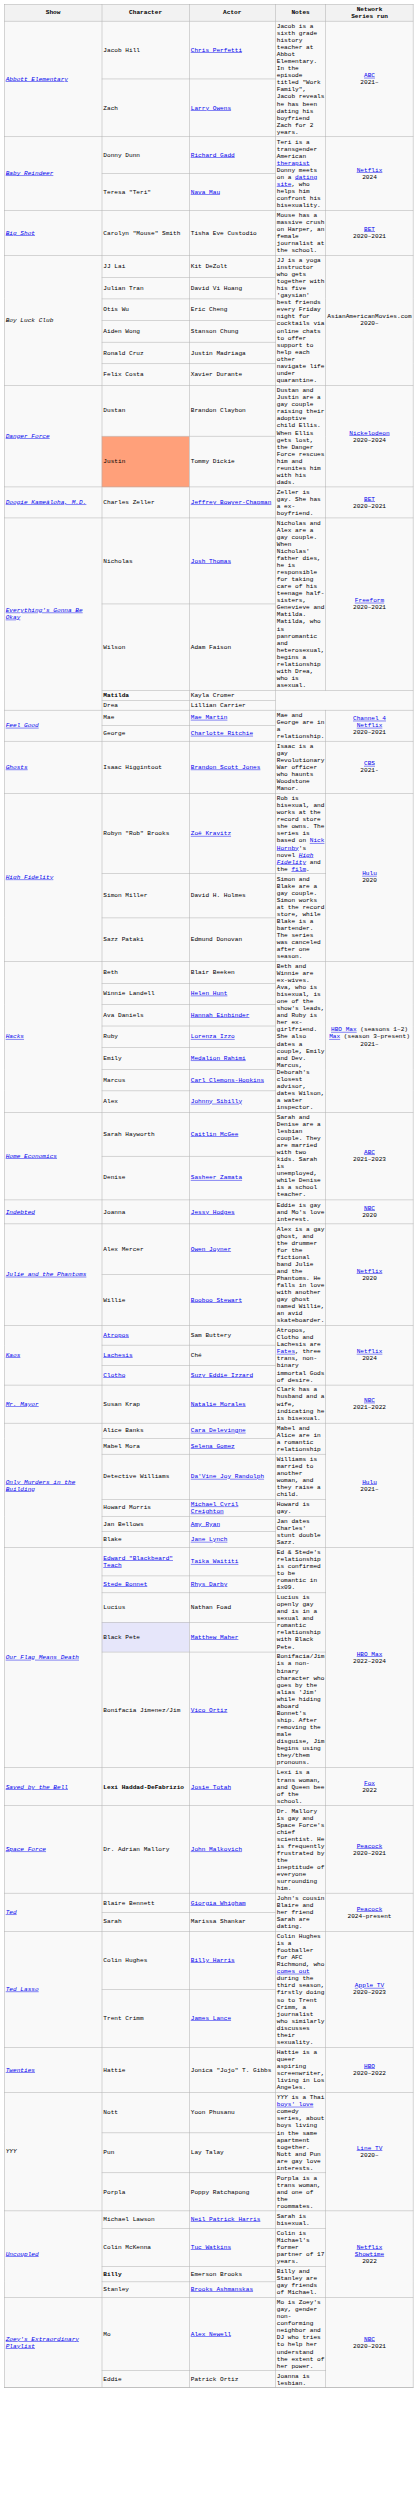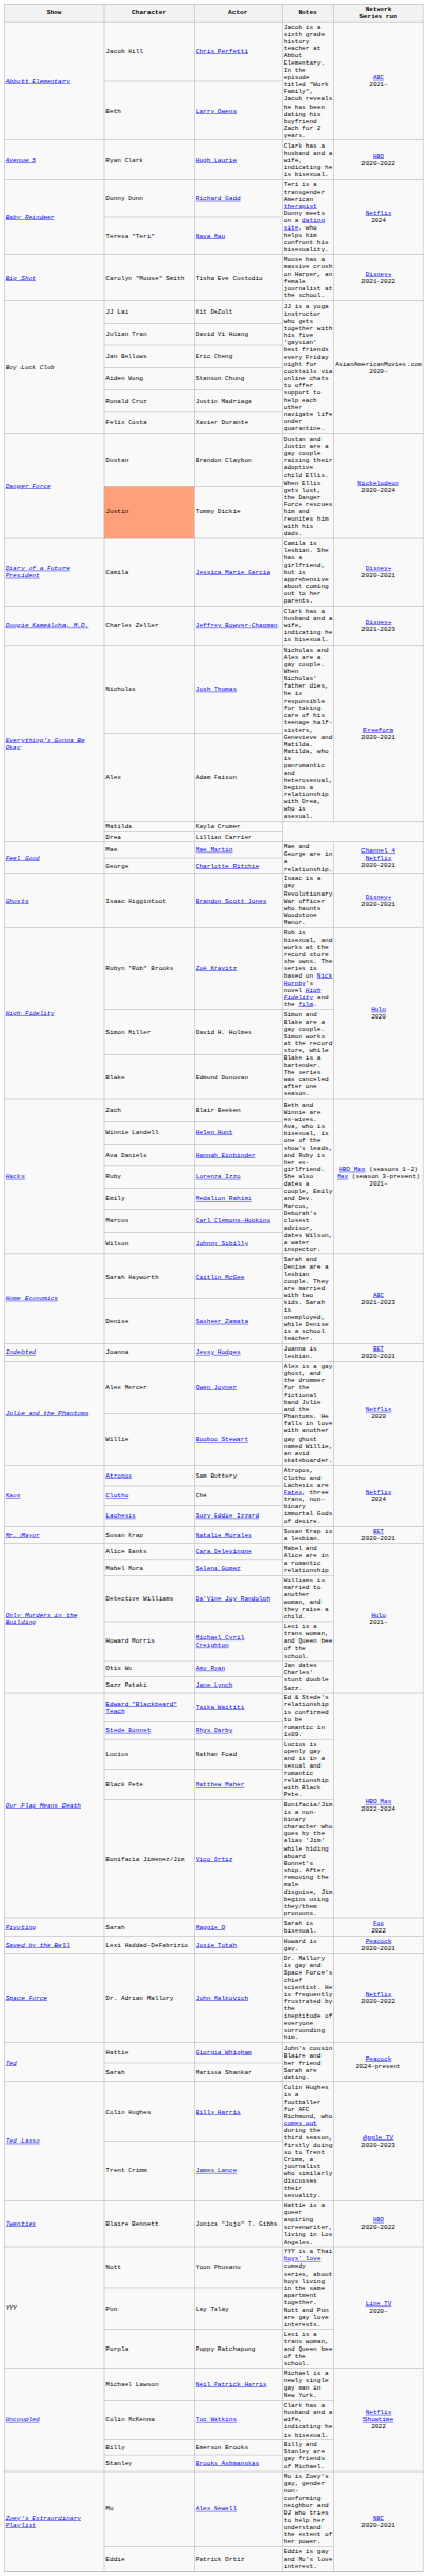 <table class="wikitable sortable mw-collapsible" style="margins:auto; width=100%;">
 <tr>
 <th style="width:225px;">Show</th>
 <th style="width:200px">Character</th>
 <th style="width:200px">Actor</th>
 <th class="unsortable">Notes</th>
 <th style="width:75px;" class="unsortable">Network <br>Series run</th>
 </tr>
 <tr>
 <td rowspan="2"><em><a href='#'>Abbott Elementary</a></em></td>
 <td>Jacob Hill</td>
 <td><a href='#'>Chris Perfetti</a></td>
 <td rowspan="2">Jacob is a sixth grade history teacher at Abbot Elementary. In the episode titled "Work Family", Jacob reveals he has been dating his boyfriend Zach for 2 years.</td>
 <td rowspan="2" style="text-align: center;"><a href='#'>ABC</a> <br> 2021–</td>
 </tr>
 <tr>
-<td>Zach</td>
+<td>Beth</td>
 <td><a href='#'>Larry Owens</a></td>
+</tr>
+<tr>
+<td><em><a href='#'>Avenue 5</a></em></td>
+<td>Ryan Clark</td>
+<td><a href='#'>Hugh Laurie</a></td>
+<td>Clark has a husband and a wife, indicating he is bisexual.</td>
+<td style="text-align: center;"><a href='#'>HBO</a> <br>2020–2022</td>
 </tr>
 <tr>
 <td rowspan="2"><em><a href='#'>Baby Reindeer</a></em></td>
 <td>Donny Dunn</td>
 <td><a href='#'>Richard Gadd</a></td>
 <td rowspan="2">Teri is a transgender American <a href='#'>therapist</a> Donny meets on a <a href='#'>dating site</a>, who helps him confront his bisexuality.</td>
 <td rowspan="2" style="text-align: center;"><a href='#'>Netflix</a> <br>2024</td>
 </tr>
 <tr>
 <td>Teresa "Teri"</td>
 <td><a href='#'>Nava Mau</a></td>
 </tr>
 <tr>
 <td><em><a href='#'>Big Shot</a></em></td>
 <td>Carolyn "Mouse" Smith</td>
 <td>Tisha Eve Custodio</td>
 <td>Mouse has a massive crush on Harper, an female journalist at the school.</td>
-<td style="text-align: center;"><a href='#'>BET</a> <br> 2020–2021</td>
+<td style="text-align: center;"><a href='#'>Disney+</a> <br>2021–2022</td>
 </tr>
 <tr>
 <td rowspan="6"><em>Boy Luck Club</em></td>
 <td>JJ Lai</td>
 <td>Kit DeZolt</td>
 <td rowspan="6">JJ is a yoga instructor who gets together with his five 'gaysian' best friends every Friday night for cocktails via online chats to offer support to help each other navigate life under quarantine.</td>
 <td rowspan="6" style="text-align: center;">AsianAmericanMovies.com <br>2020–</td>
 </tr>
 <tr>
 <td>Julian Tran</td>
 <td>David Vi Hoang</td>
 </tr>
 <tr>
-<td>Otis Wu</td>
+<td>Jan Bellows</td>
 <td>Eric Cheng</td>
 </tr>
 <tr>
 <td>Aiden Wong</td>
 <td>Stanson Chung</td>
 </tr>
 <tr>
 <td>Ronald Cruz</td>
 <td>Justin Madriaga</td>
 </tr>
 <tr>
 <td>Felix Costa</td>
 <td>Xavier Durante</td>
 </tr>
 <tr>
 <td rowspan="2"><em><a href='#'>Danger Force</a></em></td>
 <td>Dustan</td>
 <td>Brandon Claybon</td>
 <td rowspan="2">Dustan and Justin are a gay couple raising their adoptive child Ellis. When Ellis gets lost, the Danger Force rescues him and reunites him with his dads.</td>
 <td rowspan="2" style="text-align: center;"><a href='#'>Nickelodeon</a> <br>2020–2024</td>
 </tr>
 <tr>
 <td style="background: lightsalmon;">Justin</td>
 <td>Tommy Dickie</td>
 </tr>
 <tr>
+<td><em><a href='#'>Diary of a Future President</a></em></td>
+<td>Camila</td>
+<td><a href='#'>Jessica Marie Garcia</a></td>
+<td>Camila is lesbian. She has a girlfriend, but is apprehensive about coming out to her parents.</td>
+<td style="text-align: center;"><a href='#'>Disney+</a><br> 2020–2021</td>
+</tr>
+<tr>
 <td><em><a href='#'>Doogie Kameāloha, M.D.</a></em></td>
 <td>Charles Zeller</td>
 <td><a href='#'>Jeffrey Bowyer-Chapman</a></td>
-<td>Zeller is gay. She has a ex-boyfriend.</td>
-<td style="text-align: center;"><a href='#'>BET</a> <br> 2020–2021</td>
+<td>Clark has a husband and a wife, indicating he is bisexual.</td>
+<td style="text-align: center;"><a href='#'>Disney+</a><br> 2021–2023</td>
 </tr>
 <tr>
 <td rowspan="4"><em><a href='#'>Everything's Gonna Be Okay</a></em></td>
 <td>Nicholas</td>
 <td><a href='#'>Josh Thomas</a></td>
 <td rowspan="2">Nicholas and Alex are a gay couple. When Nicholas' father dies, he is responsible for taking care of his teenage half-sisters, Genevieve and Matilda. Matilda, who is panromantic and heterosexual, begins a relationship with Drea, who is asexual.</td>
 <td rowspan="2" style="text-align: center;"><a href='#'>Freeform</a> <br> 2020–2021</td>
 </tr>
 <tr>
-<td>Wilson</td>
+<td>Alex</td>
 <td>Adam Faison</td>
 </tr>
 <tr>
-<td><strong>Matilda</strong></td>
+<td>Matilda</td>
 <td>Kayla Cromer</td>
 </tr>
 <tr>
 <td>Drea</td>
 <td>Lillian Carrier</td>
 </tr>
 <tr>
 <td rowspan="2"><em><a href='#'>Feel Good</a></em></td>
 <td>Mae</td>
 <td><a href='#'>Mae Martin</a></td>
 <td rowspan="2">Mae and George are in a relationship.</td>
 <td rowspan="2" style="text-align: center;"><a href='#'>Channel 4</a> <br> <a href='#'>Netflix</a> <br>2020–2021</td>
 </tr>
 <tr>
 <td>George</td>
 <td><a href='#'>Charlotte Ritchie</a></td>
 </tr>
 <tr>
 <td><em><a href='#'>Ghosts</a></em></td>
 <td>Isaac Higgintoot</td>
 <td><a href='#'>Brandon Scott Jones</a></td>
 <td>Isaac is a gay Revolutionary War officer who haunts Woodstone Manor.</td>
-<td style="text-align: center;"><a href='#'>CBS</a> <br> 2021-</td>
+<td style="text-align: center;"><a href='#'>Disney+</a><br> 2020–2021</td>
 </tr>
 <tr>
 <td rowspan="3"><em><a href='#'>High Fidelity</a></em></td>
 <td>Robyn "Rob" Brooks</td>
 <td><a href='#'>Zoë Kravitz</a></td>
 <td>Rob is bisexual, and works at the record store she owns. The series is based on <a href='#'>Nick Hornby</a>'s novel <em><a href='#'>High Fidelity</a></em> and the <a href='#'>film</a>.</td>
 <td rowspan="3" style="text-align: center;"><a href='#'>Hulu</a> <br>2020</td>
 </tr>
 <tr>
 <td>Simon Miller</td>
 <td>David H. Holmes</td>
 <td rowspan="2">Simon and Blake are a gay couple. Simon works at the record store, while Blake is a bartender. The series was canceled after one season.</td>
 </tr>
 <tr>
-<td>Sazz Pataki</td>
+<td>Blake</td>
 <td>Edmund Donovan</td>
 </tr>
 <tr>
 <td rowspan="7"><em><a href='#'>Hacks</a></em></td>
-<td>Beth</td>
+<td>Zach</td>
 <td>Blair Beeken</td>
 <td rowspan="7">Beth and Winnie are ex-wives. Ava, who is bisexual, is one of the show's leads, and Ruby is her ex-girlfriend. She also dates a couple, Emily and Dev. Marcus, Deborah's closest advisor, dates Wilson, a water inspector.</td>
 <td rowspan="7" style="text-align: center;"><a href='#'>HBO Max</a> (seasons 1–2)<br><a href='#'>Max</a> (season 3–present) <br> 2021–</td>
 </tr>
 <tr>
 <td>Winnie Landell</td>
 <td><a href='#'>Helen Hunt</a></td>
 </tr>
 <tr>
 <td>Ava Daniels</td>
 <td><a href='#'>Hannah Einbinder</a></td>
 </tr>
 <tr>
 <td>Ruby</td>
 <td><a href='#'>Lorenza Izzo</a></td>
 </tr>
 <tr>
 <td>Emily</td>
 <td><a href='#'>Medalion Rahimi</a></td>
 </tr>
 <tr>
 <td>Marcus</td>
 <td><a href='#'>Carl Clemons-Hopkins</a></td>
 </tr>
 <tr>
-<td>Alex</td>
+<td>Wilson</td>
 <td><a href='#'>Johnny Sibilly</a></td>
 </tr>
 <tr>
 <td rowspan="2"><em><a href='#'>Home Economics</a></em></td>
 <td>Sarah Hayworth</td>
 <td><a href='#'>Caitlin McGee</a></td>
 <td rowspan="2">Sarah and Denise are a lesbian couple. They are married with two kids. Sarah is unemployed, while Denise is a school teacher.</td>
 <td rowspan="2" style="text-align: center;"><a href='#'>ABC</a> <br> 2021–2023</td>
 </tr>
 <tr>
 <td>Denise</td>
 <td><a href='#'>Sasheer Zamata</a></td>
 </tr>
 <tr>
 <td><em><a href='#'>Indebted</a></em></td>
 <td>Joanna</td>
 <td><a href='#'>Jessy Hodges</a></td>
-<td>Eddie is gay and Mo's love interest.</td>
-<td style="text-align: center;"><a href='#'>NBC</a> <br> 2020</td>
+<td>Joanna is lesbian.</td>
+<td style="text-align: center;"><a href='#'>BET</a> <br> 2020–2021</td>
 </tr>
 <tr>
 <td rowspan="2"><em><a href='#'>Julie and the Phantoms</a></em></td>
 <td>Alex Mercer</td>
 <td><a href='#'>Owen Joyner</a></td>
 <td rowspan="2">Alex is a gay ghost, and the drummer for the fictional band Julie and the Phantoms. He falls in love with another gay ghost named Willie, an avid skateboarder.</td>
 <td rowspan="2" style="text-align: center;"><a href='#'>Netflix</a> <br>2020</td>
 </tr>
 <tr>
 <td>Willie</td>
 <td><a href='#'>Booboo Stewart</a></td>
 </tr>
 <tr>
 <td rowspan="3"><em><a href='#'>Kaos</a></em></td>
 <td><a href='#'>Atropos</a></td>
 <td>Sam Buttery</td>
 <td rowspan="3">Atropos, Clotho and Lachesis are <a href='#'>Fates</a>, three trans, non-binary immortal Gods of desire.</td>
 <td rowspan="3" style="text-align: center;"><a href='#'>Netflix</a> <br>2024</td>
 </tr>
 <tr>
-<td><a href='#'>Lachesis</a></td>
+<td><a href='#'>Clotho</a></td>
 <td>Ché</td>
 </tr>
 <tr>
-<td><a href='#'>Clotho</a></td>
+<td><a href='#'>Lachesis</a></td>
 <td><a href='#'>Suzy Eddie Izzard</a></td>
 </tr>
 <tr>
 <td><em><a href='#'>Mr. Mayor</a></em></td>
 <td>Susan Krap</td>
 <td><a href='#'>Natalie Morales</a></td>
-<td>Clark has a husband and a wife, indicating he is bisexual.</td>
-<td style="text-align: center;"><a href='#'>NBC</a><br>2021–2022</td>
+<td>Susan Krap is a lesbian.</td>
+<td style="text-align: center;"><a href='#'>BET</a> <br> 2020–2021</td>
 </tr>
 <tr>
 <td rowspan="6"><em><a href='#'>Only Murders in the Building</a></em></td>
 <td>Alice Banks</td>
 <td><a href='#'>Cara Delevingne</a></td>
 <td rowspan="2">Mabel and Alice are in a romantic relationship</td>
 <td rowspan="6" style="text-align: center;"><a href='#'>Hulu</a> <br>2021–</td>
 </tr>
 <tr>
 <td>Mabel Mora</td>
 <td><a href='#'>Selena Gomez</a></td>
 </tr>
 <tr>
 <td>Detective Williams</td>
 <td><a href='#'>Da'Vine Joy Randolph</a></td>
 <td>Williams is married to another woman, and they raise a child.</td>
 </tr>
 <tr>
 <td>Howard Morris</td>
 <td><a href='#'>Michael Cyril Creighton</a></td>
-<td>Howard is gay.</td>
+<td>Lexi is a trans woman, and Queen bee of the school.</td>
 </tr>
 <tr>
-<td>Jan Bellows</td>
+<td>Otis Wu</td>
 <td><a href='#'>Amy Ryan</a></td>
 <td rowspan="2">Jan dates Charles' stunt double Sazz.</td>
 </tr>
 <tr>
-<td>Blake</td>
+<td>Sazz Pataki</td>
 <td><a href='#'>Jane Lynch</a></td>
 </tr>
 <tr>
 <td rowspan="5"><em><a href='#'>Our Flag Means Death</a></em></td>
 <td><a href='#'>Edward "Blackbeard" Teach</a></td>
 <td><a href='#'>Taika Waititi</a></td>
 <td rowspan="2">Ed & Stede's relationship is confirmed to be romantic in 1x09.</td>
 <td rowspan="5" style="text-align: center;"><a href='#'>HBO Max</a><br>2022–2024</td>
 </tr>
 <tr>
 <td><a href='#'>Stede Bonnet</a></td>
 <td><a href='#'>Rhys Darby</a></td>
 </tr>
 <tr>
 <td>Lucius</td>
 <td>Nathan Foad</td>
 <td rowspan="2">Lucius is openly gay and is in a sexual and romantic relationship with Black Pete.</td>
 </tr>
 <tr>
-<td style="background: lavender;">Black Pete</td>
+<td>Black Pete</td>
 <td><a href='#'>Matthew Maher</a></td>
 </tr>
 <tr>
 <td>Bonifacia Jimenez/Jim</td>
 <td><a href='#'>Vico Ortiz</a></td>
 <td>Bonifacia/Jim is a non-binary character who goes by the alias 'Jim' while hiding aboard Bonnet's ship. After removing the male disguise, Jim begins using they/them pronouns.</td>
 </tr>
 <tr>
+<td><em><a href='#'>Pivoting</a></em></td>
+<td>Sarah</td>
+<td><a href='#'>Maggie Q</a></td>
+<td>Sarah is bisexual.</td>
+<td style="text-align: center;"><a href='#'>Fox</a> <br>2022</td>
+</tr>
+<tr>
 <td><em><a href='#'>Saved by the Bell</a></em></td>
-<td><strong>Lexi Haddad-DeFabrizio</strong></td>
+<td>Lexi Haddad-DeFabrizio</td>
 <td><a href='#'>Josie Totah</a></td>
-<td>Lexi is a trans woman, and Queen bee of the school.</td>
-<td style="text-align: center;"><a href='#'>Fox</a> <br>2022</td>
+<td>Howard is gay.</td>
+<td style="text-align: center;"><a href='#'>Peacock</a><br>2020–2021</td>
 </tr>
 <tr>
 <td><em><a href='#'>Space Force</a></em></td>
 <td>Dr. Adrian Mallory</td>
 <td><a href='#'>John Malkovich</a></td>
 <td>Dr. Mallory is gay and Space Force's chief scientist. He is frequently frustrated by the ineptitude of everyone surrounding him.</td>
-<td style="text-align: center;"><a href='#'>Peacock</a><br>2020–2021</td>
+<td style="text-align: center;"><a href='#'>Netflix</a><br> 2020–2022</td>
 </tr>
 <tr>
 <td rowspan="2"><em><a href='#'>Ted</a></em></td>
-<td>Blaire Bennett</td>
+<td>Hattie</td>
 <td><a href='#'>Giorgia Whigham</a></td>
 <td rowspan="2">John's cousin Blaire and her friend Sarah are dating.</td>
 <td rowspan="2" style="text-align: center;"><a href='#'>Peacock</a> <br>2024–present</td>
 </tr>
 <tr>
 <td>Sarah</td>
 <td>Marissa Shankar</td>
 </tr>
 <tr>
 <td rowspan='2'><em><a href='#'>Ted Lasso</a></em></td>
 <td>Colin Hughes</td>
 <td><a href='#'>Billy Harris</a></td>
 <td rowspan="2">Colin Hughes is a footballer for AFC Richmond, who <a href='#'>comes out</a> during the third season, firstly doing so to Trent Crimm, a journalist who similarly discusses their sexuality.</td>
 <td rowspan="2" , style="text-align: center;"><a href='#'>Apple TV</a><br> 2020–2023</td>
 </tr>
 <tr>
 <td>Trent Crimm</td>
 <td><a href='#'>James Lance</a></td>
 </tr>
 <tr>
 <td><em><a href='#'>Twenties</a></em></td>
-<td>Hattie</td>
+<td>Blaire Bennett</td>
 <td>Jonica "Jojo" T. Gibbs</td>
 <td>Hattie is a queer aspiring screenwriter, living in Los Angeles.</td>
 <td style="text-align: center;"><a href='#'>HBO</a> <br>2020–2022</td>
 </tr>
 <tr>
 <td rowspan="3"><em>YYY</em></td>
 <td>Nott</td>
 <td>Yoon Phusanu</td>
 <td rowspan="2"><em>YYY</em> is a Thai <a href='#'>boys' love</a> comedy series, about boys living in the same apartment together. Nott and Pun are gay love interests.</td>
 <td rowspan="3" style="text-align: center;"><a href='#'>Line TV</a> <br> 2020–</td>
 </tr>
 <tr>
 <td>Pun</td>
 <td>Lay Talay</td>
 </tr>
 <tr>
 <td>Porpla</td>
 <td>Poppy Ratchapong</td>
-<td>Porpla is a trans woman, and one of the roommates.</td>
+<td>Lexi is a trans woman, and Queen bee of the school.</td>
 </tr>
 <tr>
 <td rowspan="4"><em><a href='#'>Uncoupled</a></em></td>
 <td>Michael Lawson</td>
 <td><a href='#'>Neil Patrick Harris</a></td>
-<td>Sarah is bisexual.</td>
+<td>Michael is a newly single gay man in New York.</td>
 <td rowspan="4" style="text-align: center;"><a href='#'>Netflix</a> <br> <a href='#'>Showtime</a> <br> 2022</td>
 </tr>
 <tr>
 <td>Colin McKenna</td>
 <td><a href='#'>Tuc Watkins</a></td>
-<td>Colin is Michael's former partner of 17 years.</td>
+<td>Clark has a husband and a wife, indicating he is bisexual.</td>
 </tr>
 <tr>
-<td><strong>Billy</strong></td>
+<td>Billy</td>
 <td>Emerson Brooks</td>
 <td rowspan="2">Billy and Stanley are gay friends of Michael.</td>
 </tr>
 <tr>
 <td>Stanley</td>
 <td><a href='#'>Brooks Ashmanskas</a></td>
 </tr>
 <tr>
 <td rowspan="2"><em><a href='#'>Zoey's Extraordinary Playlist</a></em></td>
 <td>Mo</td>
 <td><a href='#'>Alex Newell</a></td>
 <td>Mo is Zoey's gay, gender non-conforming neighbor and DJ who tries to help her understand the extent of her power.</td>
 <td rowspan="2" style="text-align: center;"><a href='#'>NBC</a> <br>2020–2021</td>
 </tr>
 <tr>
 <td>Eddie</td>
 <td>Patrick Ortiz</td>
-<td>Joanna is lesbian.</td>
+<td>Eddie is gay and Mo's love interest.</td>
 </tr>
 <tr>
 </tr>
 </table>
